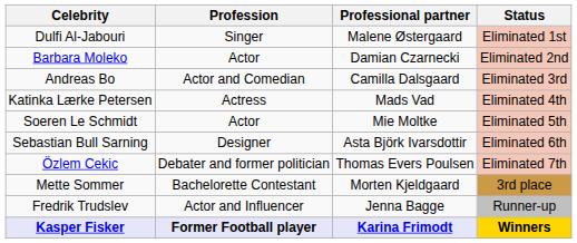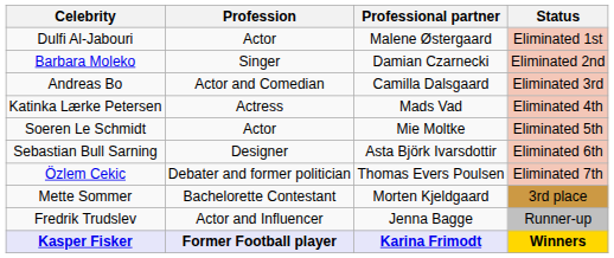 <table class= "wikitable sortable" style="text-align: center; margin:auto; align: center">
 <tr>
 <th>Celebrity</th>
 <th>Profession</th>
 <th>Professional partner</th>
 <th>Status</th>
 </tr>
 <tr>
 <td>Dulfi Al-Jabouri</td>
-<td>Singer</td>
+<td>Actor</td>
 <td>Malene Østergaard</td>
 <td style="background:#f4c7b8;">Eliminated 1st</td>
 </tr>
 <tr>
 <td><a href='#'>Barbara Moleko</a></td>
-<td>Actor</td>
+<td>Singer</td>
 <td>Damian Czarnecki</td>
 <td style="background:#f4c7b8;">Eliminated 2nd</td>
 </tr>
 <tr>
 <td>Andreas Bo</td>
 <td>Actor and Comedian</td>
 <td>Camilla Dalsgaard</td>
 <td style="background:#f4c7b8;">Eliminated 3rd</td>
 </tr>
 <tr>
 <td>Katinka Lærke Petersen</td>
 <td>Actress</td>
 <td>Mads Vad</td>
 <td style="background:#f4c7b8;">Eliminated 4th</td>
 </tr>
 <tr>
 <td>Soeren Le Schmidt</td>
 <td>Actor</td>
 <td>Mie Moltke</td>
 <td style="background:#f4c7b8;">Eliminated 5th</td>
 </tr>
 <tr>
 <td>Sebastian Bull Sarning</td>
 <td>Designer</td>
 <td>Asta Björk Ivarsdottir</td>
 <td style="background:#f4c7b8;">Eliminated 6th</td>
 </tr>
 <tr>
 <td><a href='#'>Özlem Cekic</a></td>
 <td>Debater and former politician</td>
 <td>Thomas Evers Poulsen</td>
 <td style="background:#f4c7b8;">Eliminated 7th</td>
 </tr>
 <tr>
 <td>Mette Sommer</td>
 <td>Bachelorette Contestant</td>
 <td>Morten Kjeldgaard</td>
 <td style="background:#c94;">3rd place</td>
 </tr>
 <tr>
 <td>Fredrik Trudslev</td>
 <td>Actor and Influencer</td>
 <td>Jenna Bagge</td>
 <td style="background:silver;">Runner-up</td>
 </tr>
 <tr style="background:lavender;">
 <td><strong><a href='#'>Kasper Fisker</a></strong></td>
 <td><strong>Former Football player</strong></td>
 <td><strong><a href='#'>Karina Frimodt</a></strong></td>
 <td style="background:gold;"><strong>Winners</strong></td>
 </tr>
 </table>
